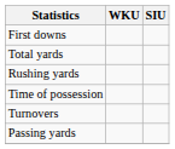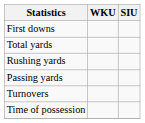 <table class="wikitable" style="float: left;">
 <tr>
 <th>Statistics</th>
 <th>WKU</th>
 <th>SIU</th>
 </tr>
 <tr>
 <td>First downs</td>
 <td></td>
 <td></td>
 </tr>
 <tr>
 <td>Total yards</td>
 <td></td>
 <td></td>
 </tr>
 <tr>
 <td>Rushing yards</td>
 <td></td>
 <td></td>
 </tr>
 <tr>
-<td>Time of possession</td>
+<td>Passing yards</td>
 <td></td>
 <td></td>
 </tr>
 <tr>
 <td>Turnovers</td>
 <td></td>
 <td></td>
 </tr>
 <tr>
-<td>Passing yards</td>
+<td>Time of possession</td>
 <td></td>
 <td></td>
 </tr>
 <tr>
 </tr>
 </table>
